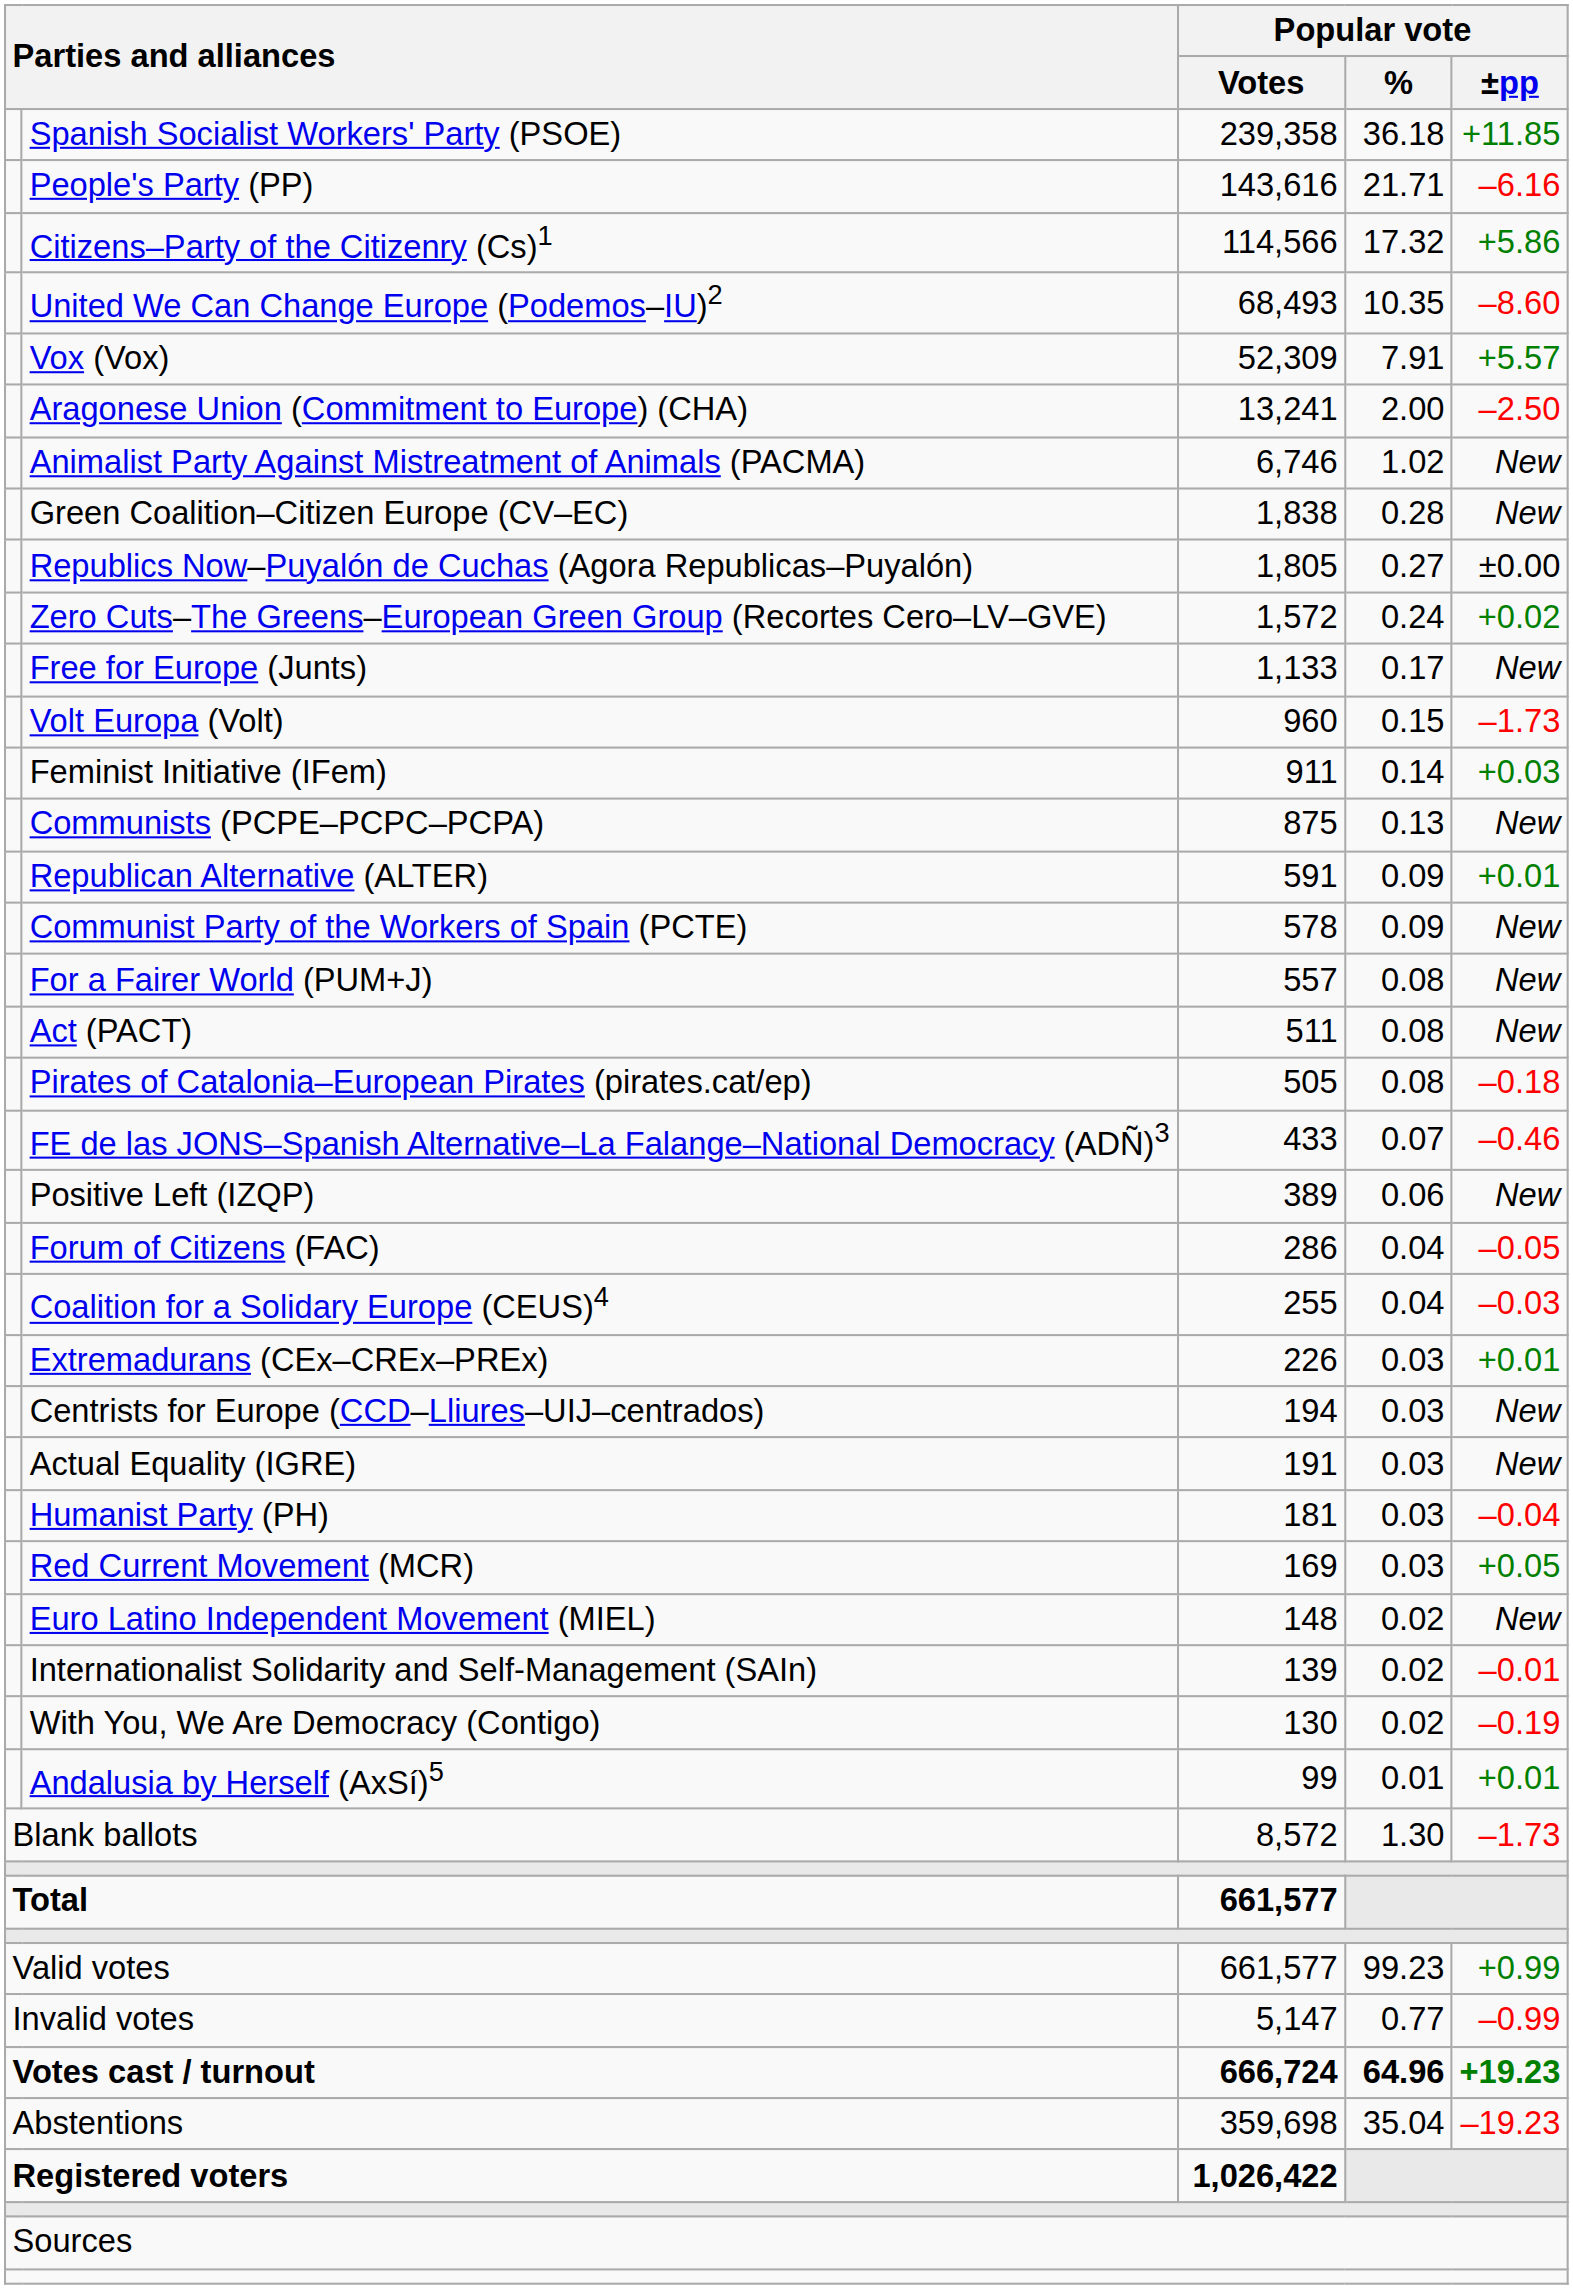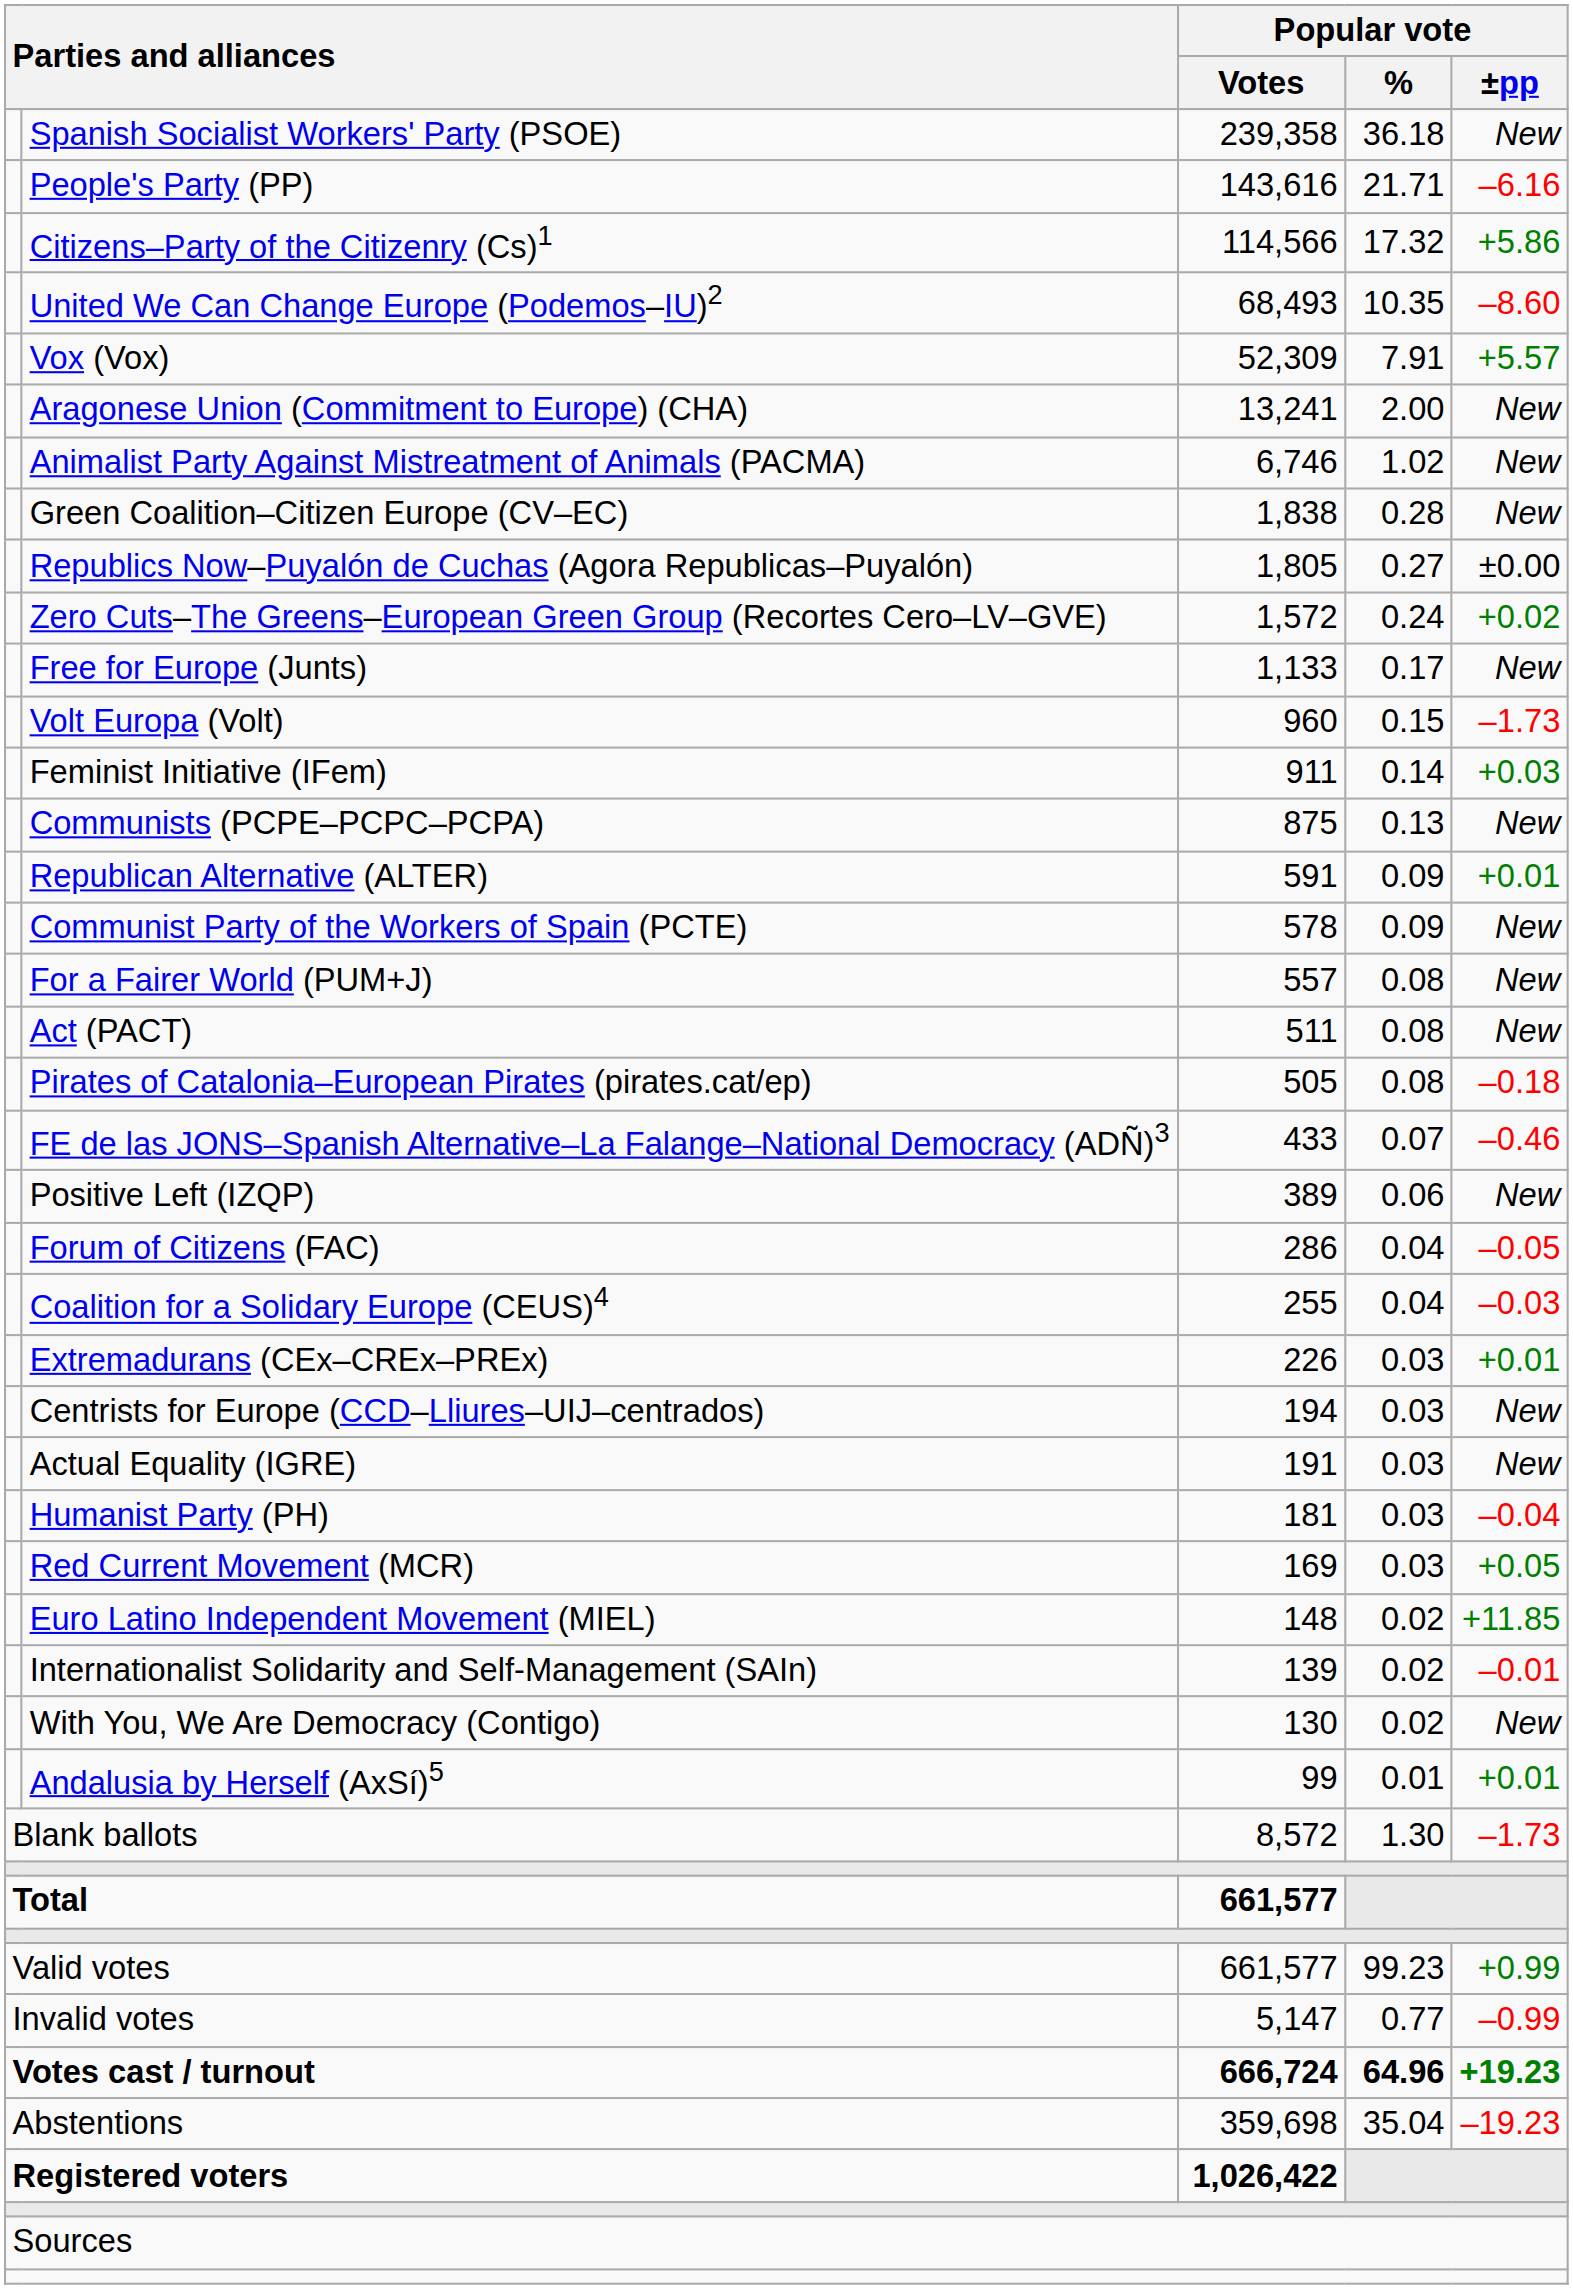 <table class="wikitable" style="text-align:right;">
 <tr>
 <th style="text-align:left;" rowspan="2" colspan="2" width="525">Parties and alliances</th>
 <th colspan="3">Popular vote</th>
 </tr>
 <tr>
 <th width="75">Votes</th>
 <th width="45">%</th>
 <th width="45">±<a href='#'>pp</a></th>
 </tr>
 <tr>
 <td width="1" style="color:inherit;background:"></td>
 <td align="left"><a href='#'>Spanish Socialist Workers' Party</a> (PSOE)</td>
 <td>239,358</td>
 <td>36.18</td>
-<td style="color:green;">+11.85</td>
+<td><em>New</em></td>
 </tr>
 <tr>
 <td style="color:inherit;background:"></td>
 <td align="left"><a href='#'>People's Party</a> (PP)</td>
 <td>143,616</td>
 <td>21.71</td>
 <td style="color:red;">–6.16</td>
 </tr>
 <tr>
 <td style="color:inherit;background:"></td>
 <td align="left"><a href='#'>Citizens–Party of the Citizenry</a> (Cs)<sup>1</sup></td>
 <td>114,566</td>
 <td>17.32</td>
 <td style="color:green;">+5.86</td>
 </tr>
 <tr>
 <td style="color:inherit;background:"></td>
 <td align="left"><a href='#'>United We Can Change Europe</a> (<a href='#'>Podemos</a>–<a href='#'>IU</a>)<sup>2</sup></td>
 <td>68,493</td>
 <td>10.35</td>
 <td style="color:red;">–8.60</td>
 </tr>
 <tr>
 <td style="color:inherit;background:"></td>
 <td align="left"><a href='#'>Vox</a> (Vox)</td>
 <td>52,309</td>
 <td>7.91</td>
 <td style="color:green;">+5.57</td>
 </tr>
 <tr>
 <td style="color:inherit;background:"></td>
 <td align="left"><a href='#'>Aragonese Union</a> (<a href='#'>Commitment to Europe</a>) (CHA)</td>
 <td>13,241</td>
 <td>2.00</td>
-<td style="color:red;">–2.50</td>
+<td><em>New</em></td>
 </tr>
 <tr>
 <td style="color:inherit;background:"></td>
 <td align="left"><a href='#'>Animalist Party Against Mistreatment of Animals</a> (PACMA)</td>
 <td>6,746</td>
 <td>1.02</td>
 <td><em>New</em></td>
 </tr>
 <tr>
 <td style="color:inherit;background:"></td>
 <td align="left">Green Coalition–Citizen Europe (CV–EC)</td>
 <td>1,838</td>
 <td>0.28</td>
 <td><em>New</em></td>
 </tr>
 <tr>
 <td style="color:inherit;background:"></td>
 <td align="left"><a href='#'>Republics Now</a>–<a href='#'>Puyalón de Cuchas</a> (Agora Republicas–Puyalón)</td>
 <td>1,805</td>
 <td>0.27</td>
 <td>±0.00</td>
 </tr>
 <tr>
 <td style="color:inherit;background:"></td>
 <td align="left"><a href='#'>Zero Cuts</a>–<a href='#'>The Greens</a>–<a href='#'>European Green Group</a> (Recortes Cero–LV–GVE)</td>
 <td>1,572</td>
 <td>0.24</td>
 <td style="color:green;">+0.02</td>
 </tr>
 <tr>
 <td style="color:inherit;background:"></td>
 <td align="left"><a href='#'>Free for Europe</a> (Junts)</td>
 <td>1,133</td>
 <td>0.17</td>
 <td><em>New</em></td>
 </tr>
 <tr>
 <td style="color:inherit;background:"></td>
 <td align="left"><a href='#'>Volt Europa</a> (Volt)</td>
 <td>960</td>
 <td>0.15</td>
 <td style="color:red;">–1.73</td>
 </tr>
 <tr>
 <td style="color:inherit;background:"></td>
 <td align="left">Feminist Initiative (IFem)</td>
 <td>911</td>
 <td>0.14</td>
 <td style="color:green;">+0.03</td>
 </tr>
 <tr>
 <td style="color:inherit;background:"></td>
 <td align="left"><a href='#'>Communists</a> (PCPE–PCPC–PCPA)</td>
 <td>875</td>
 <td>0.13</td>
 <td><em>New</em></td>
 </tr>
 <tr>
 <td style="color:inherit;background:"></td>
 <td align="left"><a href='#'>Republican Alternative</a> (ALTER)</td>
 <td>591</td>
 <td>0.09</td>
 <td style="color:green;">+0.01</td>
 </tr>
 <tr>
 <td style="color:inherit;background:"></td>
 <td align="left"><a href='#'>Communist Party of the Workers of Spain</a> (PCTE)</td>
 <td>578</td>
 <td>0.09</td>
 <td><em>New</em></td>
 </tr>
 <tr>
 <td style="color:inherit;background:"></td>
 <td align="left"><a href='#'>For a Fairer World</a> (PUM+J)</td>
 <td>557</td>
 <td>0.08</td>
 <td><em>New</em></td>
 </tr>
 <tr>
 <td style="color:inherit;background:"></td>
 <td align="left"><a href='#'>Act</a> (PACT)</td>
 <td>511</td>
 <td>0.08</td>
 <td><em>New</em></td>
 </tr>
 <tr>
 <td style="color:inherit;background:"></td>
 <td align="left"><a href='#'>Pirates of Catalonia–European Pirates</a> (pirates.cat/ep)</td>
 <td>505</td>
 <td>0.08</td>
 <td style="color:red;">–0.18</td>
 </tr>
 <tr>
 <td style="color:inherit;background:"></td>
 <td align="left"><a href='#'>FE de las JONS–Spanish Alternative–La Falange–National Democracy</a> (ADÑ)<sup>3</sup></td>
 <td>433</td>
 <td>0.07</td>
 <td style="color:red;">–0.46</td>
 </tr>
 <tr>
 <td style="color:inherit;background:"></td>
 <td align="left">Positive Left (IZQP)</td>
 <td>389</td>
 <td>0.06</td>
 <td><em>New</em></td>
 </tr>
 <tr>
 <td style="color:inherit;background:"></td>
 <td align="left"><a href='#'>Forum of Citizens</a> (FAC)</td>
 <td>286</td>
 <td>0.04</td>
 <td style="color:red;">–0.05</td>
 </tr>
 <tr>
 <td style="color:inherit;background:"></td>
 <td align="left"><a href='#'>Coalition for a Solidary Europe</a> (CEUS)<sup>4</sup></td>
 <td>255</td>
 <td>0.04</td>
 <td style="color:red;">–0.03</td>
 </tr>
 <tr>
 <td style="color:inherit;background:"></td>
 <td align="left"><a href='#'>Extremadurans</a> (CEx–CREx–PREx)</td>
 <td>226</td>
 <td>0.03</td>
 <td style="color:green;">+0.01</td>
 </tr>
 <tr>
 <td style="color:inherit;background:"></td>
 <td align="left">Centrists for Europe (<a href='#'>CCD</a>–<a href='#'>Lliures</a>–UIJ–centrados)</td>
 <td>194</td>
 <td>0.03</td>
 <td><em>New</em></td>
 </tr>
 <tr>
 <td style="color:inherit;background:"></td>
 <td align="left">Actual Equality (IGRE)</td>
 <td>191</td>
 <td>0.03</td>
 <td><em>New</em></td>
 </tr>
 <tr>
 <td style="color:inherit;background:"></td>
 <td align="left"><a href='#'>Humanist Party</a> (PH)</td>
 <td>181</td>
 <td>0.03</td>
 <td style="color:red;">–0.04</td>
 </tr>
 <tr>
 <td style="color:inherit;background:"></td>
 <td align="left"><a href='#'>Red Current Movement</a> (MCR)</td>
 <td>169</td>
 <td>0.03</td>
 <td style="color:green;">+0.05</td>
 </tr>
 <tr>
 <td style="color:inherit;background:"></td>
 <td align="left"><a href='#'>Euro Latino Independent Movement</a> (MIEL)</td>
 <td>148</td>
 <td>0.02</td>
-<td><em>New</em></td>
+<td style="color:green;">+11.85</td>
 </tr>
 <tr>
 <td style="color:inherit;background:"></td>
 <td align="left">Internationalist Solidarity and Self-Management (SAIn)</td>
 <td>139</td>
 <td>0.02</td>
 <td style="color:red;">–0.01</td>
 </tr>
 <tr>
 <td style="color:inherit;background:"></td>
 <td align="left">With You, We Are Democracy (Contigo)</td>
 <td>130</td>
 <td>0.02</td>
-<td style="color:red;">–0.19</td>
+<td><em>New</em></td>
 </tr>
 <tr>
 <td style="color:inherit;background:"></td>
 <td align="left"><a href='#'>Andalusia by Herself</a> (AxSí)<sup>5</sup></td>
 <td>99</td>
 <td>0.01</td>
 <td style="color:green;">+0.01</td>
 </tr>
 <tr>
 <td align="left" colspan="2">Blank ballots</td>
 <td>8,572</td>
 <td>1.30</td>
 <td style="color:red;">–1.73</td>
 </tr>
 <tr>
 <td colspan="5" bgcolor="#E9E9E9"></td>
 </tr>
 <tr style="font-weight:bold;">
 <td align="left" colspan="2">Total</td>
 <td>661,577</td>
 <td bgcolor="#E9E9E9" colspan="2"></td>
 </tr>
 <tr>
 <td colspan="5" bgcolor="#E9E9E9"></td>
 </tr>
 <tr>
 <td align="left" colspan="2">Valid votes</td>
 <td>661,577</td>
 <td>99.23</td>
 <td style="color:green;">+0.99</td>
 </tr>
 <tr>
 <td align="left" colspan="2">Invalid votes</td>
 <td>5,147</td>
 <td>0.77</td>
 <td style="color:red;">–0.99</td>
 </tr>
 <tr style="font-weight:bold;">
 <td align="left" colspan="2">Votes cast / turnout</td>
 <td>666,724</td>
 <td>64.96</td>
 <td style="color:green;">+19.23</td>
 </tr>
 <tr>
 <td align="left" colspan="2">Abstentions</td>
 <td>359,698</td>
 <td>35.04</td>
 <td style="color:red;">–19.23</td>
 </tr>
 <tr style="font-weight:bold;">
 <td align="left" colspan="2">Registered voters</td>
 <td>1,026,422</td>
 <td bgcolor="#E9E9E9" colspan="2"></td>
 </tr>
 <tr>
 <td colspan="5" bgcolor="#E9E9E9"></td>
 </tr>
 <tr>
 <td align="left" colspan="5">Sources</td>
 </tr>
 <tr>
 <td colspan="5" style="text-align:left; max-width:680px;"></td>
 </tr>
 </table>
